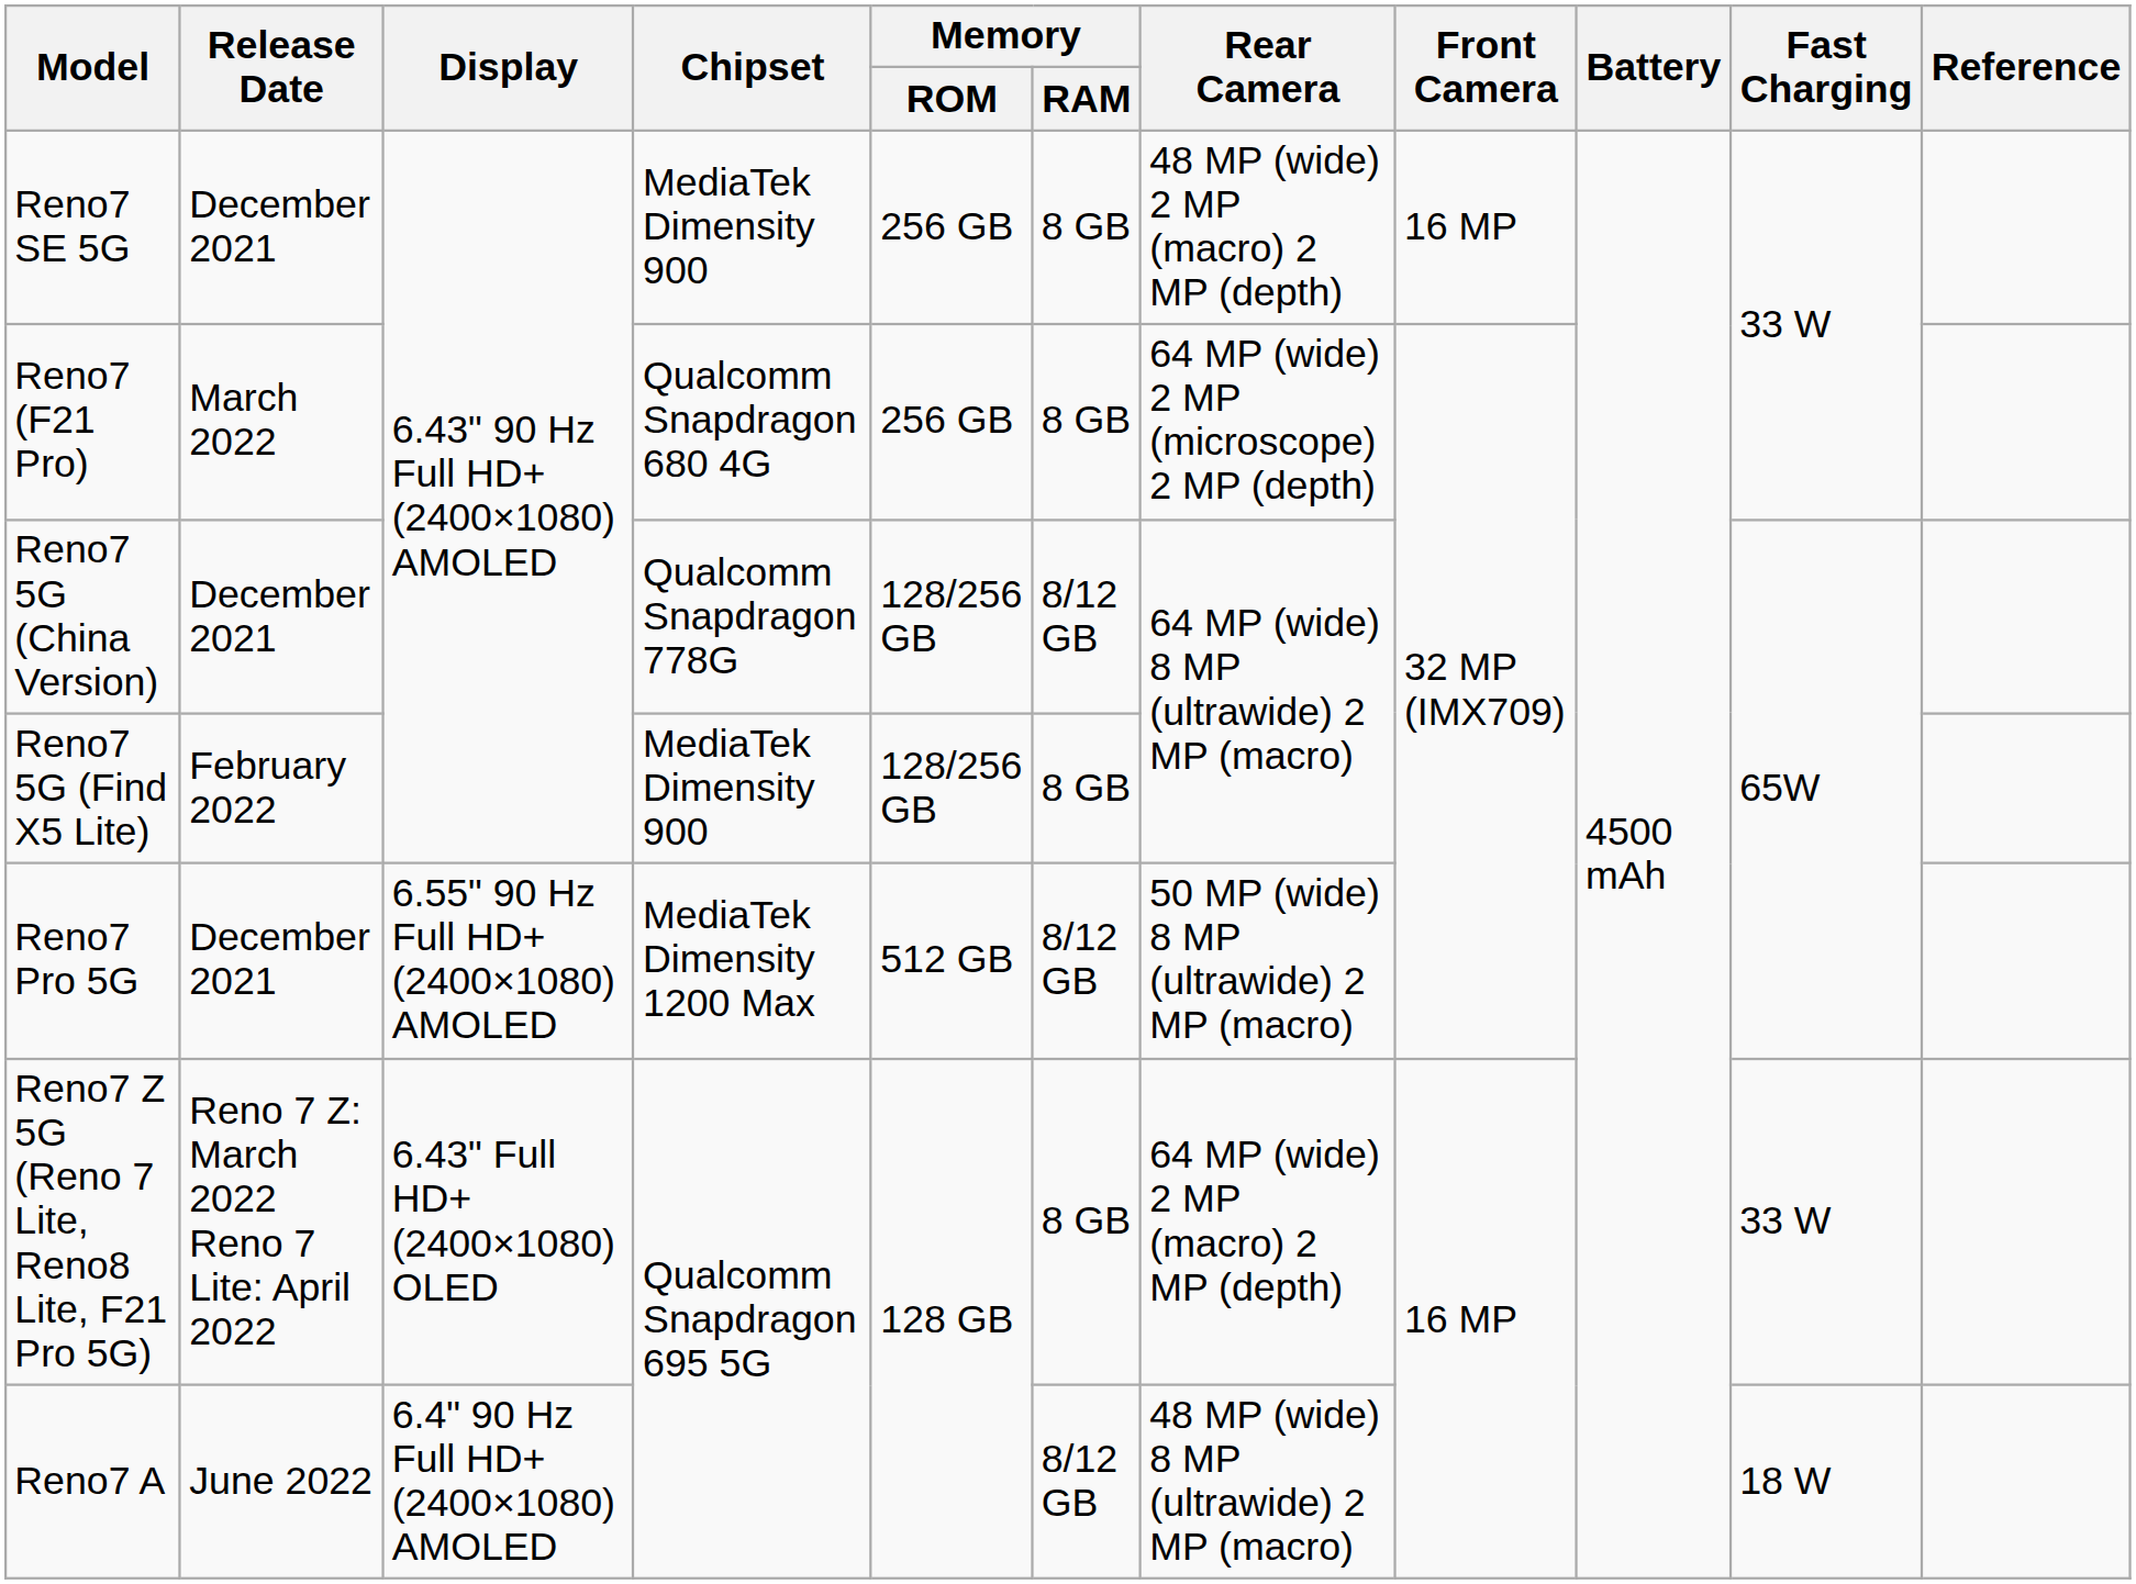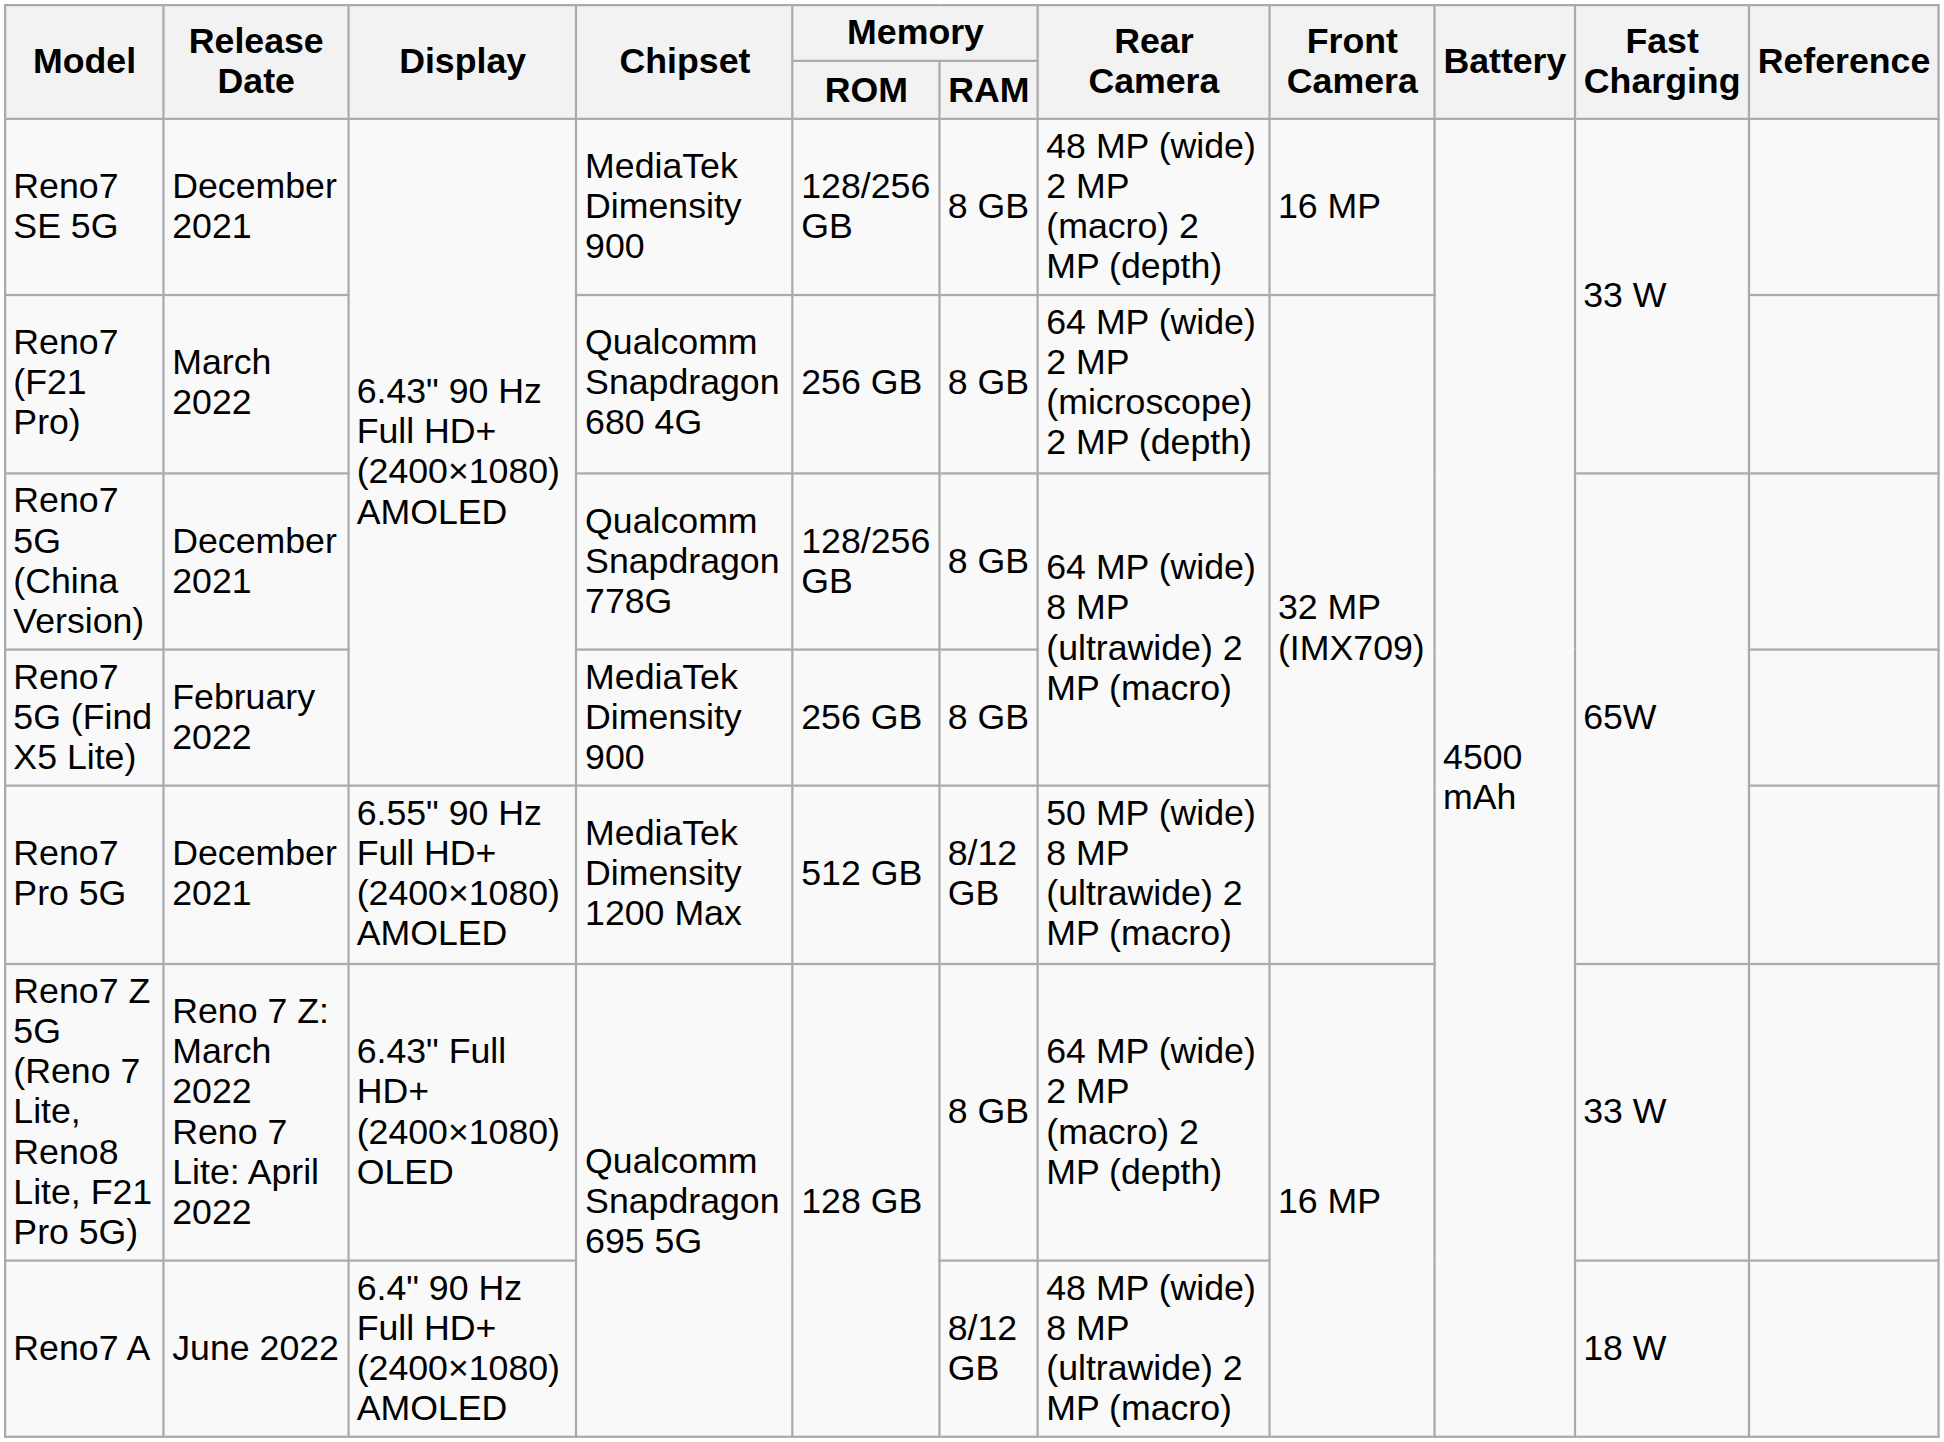 <table class="wikitable sortable">
 <tr>
 <th rowspan="2">Model</th>
 <th rowspan="2">Release Date</th>
 <th rowspan="2">Display</th>
 <th rowspan="2">Chipset</th>
 <th colspan="2">Memory</th>
 <th rowspan="2">Rear Camera</th>
 <th rowspan="2">Front Camera</th>
 <th rowspan="2">Battery</th>
 <th rowspan="2">Fast Charging</th>
 <th rowspan="2">Reference</th>
 </tr>
 <tr>
 <th>ROM</th>
 <th>RAM</th>
 </tr>
 <tr>
 <td>Reno7 SE 5G</td>
 <td>December 2021</td>
 <td rowspan="4">6.43" 90 Hz Full HD+ (2400×1080) AMOLED</td>
 <td>MediaTek Dimensity 900</td>
-<td>256 GB</td>
+<td>128/256 GB</td>
 <td>8 GB</td>
 <td>48 MP (wide) 2 MP (macro) 2 MP (depth)</td>
 <td>16 MP</td>
 <td rowspan="7">4500 mAh</td>
 <td rowspan="2">33 W</td>
 <td></td>
 </tr>
 <tr>
 <td>Reno7 (F21 Pro)</td>
 <td>March 2022</td>
 <td>Qualcomm Snapdragon 680 4G</td>
 <td>256 GB</td>
 <td>8 GB</td>
 <td>64 MP (wide) 2 MP (microscope) 2 MP (depth)</td>
 <td rowspan="4">32 MP (IMX709)</td>
 </tr>
 <tr>
 <td>Reno7 5G (China Version)</td>
 <td>December 2021</td>
 <td>Qualcomm Snapdragon 778G</td>
 <td>128/256 GB</td>
-<td>8/12 GB</td>
+<td>8 GB</td>
 <td rowspan="2">64 MP (wide)<br>8 MP (ultrawide) 2 MP (macro)</td>
 <td rowspan="3">65W</td>
 <td></td>
 </tr>
 <tr>
 <td>Reno7 5G (Find X5 Lite)</td>
 <td>February 2022</td>
 <td>MediaTek Dimensity 900</td>
-<td>128/256 GB</td>
+<td>256 GB</td>
 <td>8 GB</td>
 <td></td>
 </tr>
 <tr>
 <td>Reno7 Pro 5G</td>
 <td>December 2021</td>
 <td>6.55" 90 Hz Full HD+ (2400×1080) AMOLED</td>
 <td>MediaTek Dimensity 1200 Max</td>
 <td>512 GB</td>
 <td>8/12 GB</td>
 <td>50 MP (wide)<br>8 MP (ultrawide) 2 MP (macro)</td>
 <td></td>
 </tr>
 <tr>
 <td>Reno7 Z 5G (Reno 7 Lite, Reno8 Lite, F21 Pro 5G)</td>
 <td>Reno 7 Z: March 2022<br>Reno 7 Lite: April 2022</td>
 <td>6.43" Full HD+ (2400×1080) OLED</td>
 <td rowspan="2">Qualcomm Snapdragon 695 5G</td>
 <td rowspan="2">128 GB</td>
 <td>8 GB</td>
 <td>64 MP (wide)<br>2 MP (macro) 2 MP (depth)</td>
 <td rowspan="2">16 MP</td>
 <td>33 W</td>
 <td></td>
 </tr>
 <tr>
 <td>Reno7 A</td>
 <td>June 2022</td>
 <td>6.4" 90 Hz Full HD+ (2400×1080) AMOLED</td>
 <td>8/12 GB</td>
 <td>48 MP (wide)<br>8 MP (ultrawide) 2 MP (macro)</td>
 <td>18 W</td>
 <td></td>
 </tr>
 </table>
